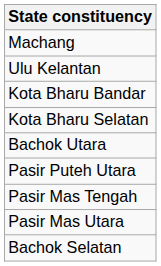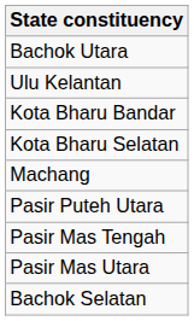 <table class=wikitable>
 <tr>
 <th>State constituency</th>
 </tr>
 <tr>
-<td>Machang</td>
+<td>Bachok Utara</td>
 </tr>
 <tr>
 <td>Ulu Kelantan</td>
 </tr>
 <tr>
 <td>Kota Bharu Bandar</td>
 </tr>
 <tr>
 <td>Kota Bharu Selatan</td>
 </tr>
 <tr>
-<td>Bachok Utara</td>
+<td>Machang</td>
 </tr>
 <tr>
 <td>Pasir Puteh Utara</td>
 </tr>
 <tr>
 <td>Pasir Mas Tengah</td>
 </tr>
 <tr>
 <td>Pasir Mas Utara</td>
 </tr>
 <tr>
 <td>Bachok Selatan</td>
 </tr>
 </table>
